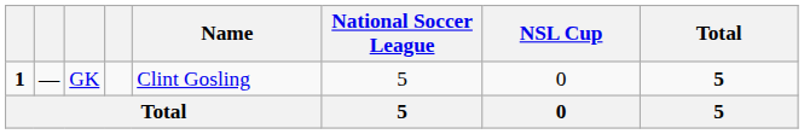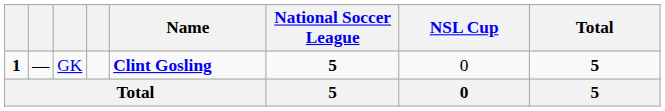 <table class="wikitable" style="text-align:center">
 <tr>
 <th width=15></th>
 <th width=15></th>
 <th width=15></th>
 <th width=15></th>
 <th width=145>Name</th>
 <th width=120><a href='#'>National Soccer League</a></th>
 <th width=120><a href='#'>NSL Cup</a></th>
 <th width=120>Total</th>
 </tr>
 <tr>
 <td><strong>1</strong></td>
 <td>—</td>
 <td><a href='#'>GK</a></td>
 <td></td>
-<td align=left><a href='#'>Clint Gosling</a></td>
-<td>5</td>
+<td align=left><strong><a href='#'>Clint Gosling</a></strong></td>
+<td><strong>5</strong></td>
 <td>0</td>
 <td><strong>5</strong></td>
 </tr>
 <tr>
 <th colspan="5"><strong>Total</strong></th>
 <th>5</th>
 <th>0</th>
 <th>5</th>
 </tr>
 </table>
